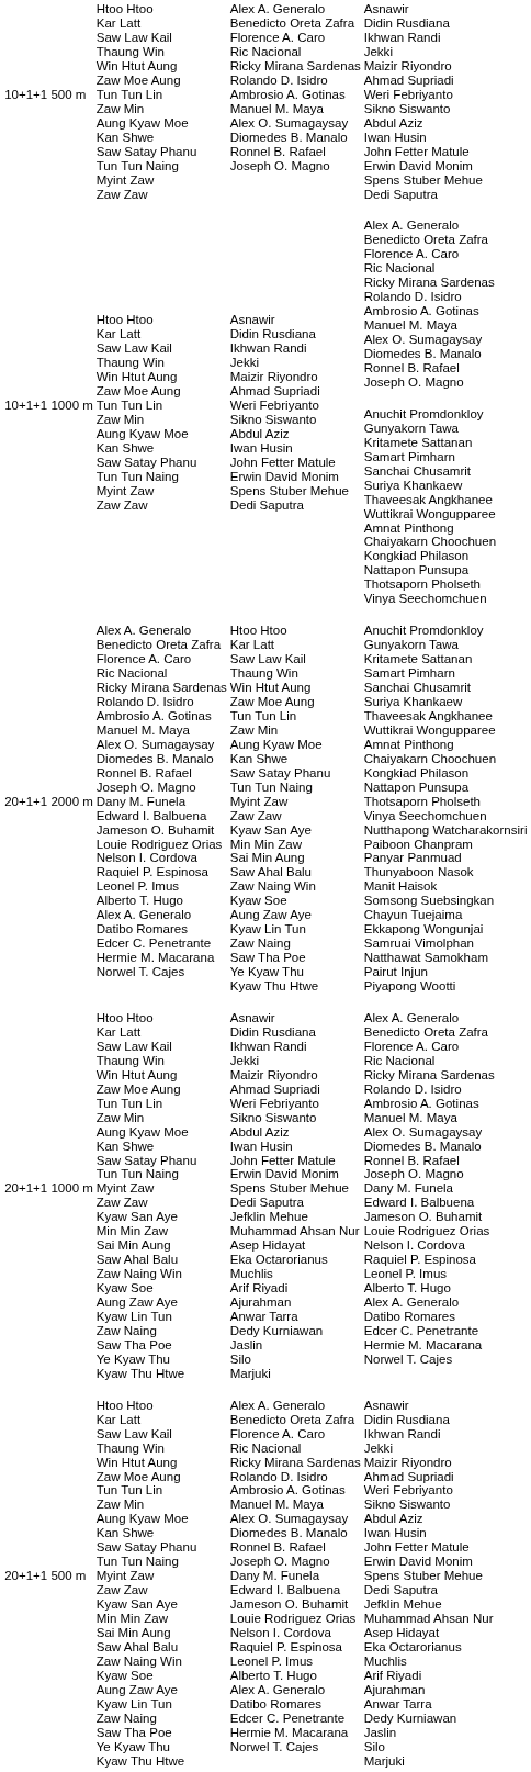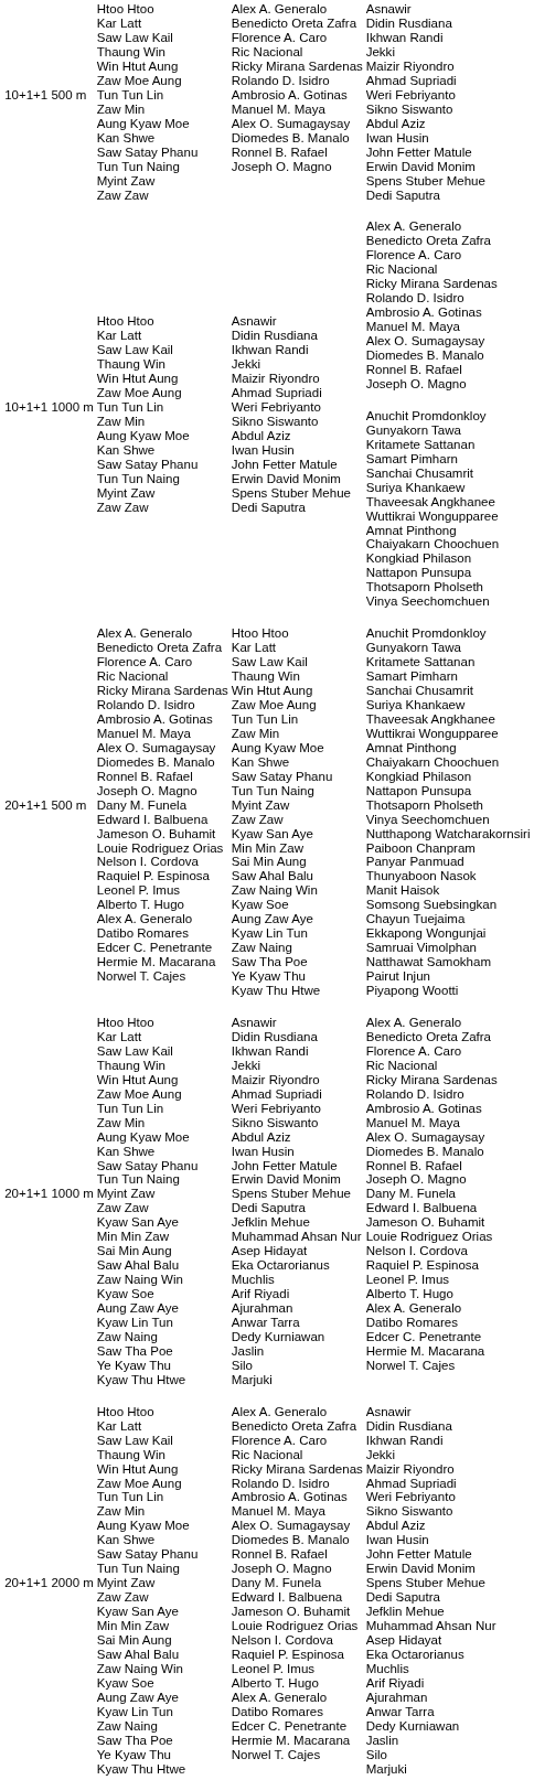 <table>
 <tr>
 <td>10+1+1 500 m</td>
 <td><br>Htoo Htoo<br>Kar Latt<br>Saw Law Kail<br>Thaung Win<br>Win Htut Aung<br>Zaw Moe Aung<br>Tun Tun Lin<br>Zaw Min<br>Aung Kyaw Moe<br>Kan Shwe<br>Saw Satay Phanu<br>Tun Tun Naing<br>Myint Zaw<br>Zaw Zaw</td>
 <td valign="top"><br>Alex A. Generalo<br>Benedicto Oreta Zafra<br>Florence A. Caro<br>Ric Nacional<br>Ricky Mirana Sardenas<br>Rolando D. Isidro<br>Ambrosio A. Gotinas<br>Manuel M. Maya<br>Alex O. Sumagaysay<br>Diomedes B. Manalo<br>Ronnel B. Rafael<br>Joseph O. Magno</td>
 <td><br>Asnawir<br>Didin Rusdiana<br>Ikhwan Randi<br>Jekki<br>Maizir Riyondro<br>Ahmad Supriadi<br>Weri Febriyanto<br>Sikno Siswanto<br>Abdul Aziz<br>Iwan Husin<br>John Fetter Matule<br>Erwin David Monim<br>Spens Stuber Mehue<br>Dedi Saputra</td>
 </tr>
 <tr>
 <td rowspan=2>10+1+1 1000 m</td>
 <td rowspan=2><br>Htoo Htoo<br>Kar Latt<br>Saw Law Kail<br>Thaung Win<br>Win Htut Aung<br>Zaw Moe Aung<br>Tun Tun Lin<br>Zaw Min<br>Aung Kyaw Moe<br>Kan Shwe<br>Saw Satay Phanu<br>Tun Tun Naing<br>Myint Zaw<br>Zaw Zaw</td>
 <td rowspan=2><br>Asnawir<br>Didin Rusdiana<br>Ikhwan Randi<br>Jekki<br>Maizir Riyondro<br>Ahmad Supriadi<br>Weri Febriyanto<br>Sikno Siswanto<br>Abdul Aziz<br>Iwan Husin<br>John Fetter Matule<br>Erwin David Monim<br>Spens Stuber Mehue<br>Dedi Saputra</td>
 <td><br>Alex A. Generalo<br>Benedicto Oreta Zafra<br>Florence A. Caro<br>Ric Nacional<br>Ricky Mirana Sardenas<br>Rolando D. Isidro<br>Ambrosio A. Gotinas<br>Manuel M. Maya<br>Alex O. Sumagaysay<br>Diomedes B. Manalo<br>Ronnel B. Rafael<br>Joseph O. Magno</td>
 </tr>
 <tr>
 <td><br>Anuchit Promdonkloy<br>Gunyakorn Tawa<br>Kritamete Sattanan<br>Samart Pimharn<br>Sanchai Chusamrit<br>Suriya Khankaew<br>Thaveesak Angkhanee<br>Wuttikrai Wongupparee<br>Amnat Pinthong<br>Chaiyakarn Choochuen<br>Kongkiad Philason<br>Nattapon Punsupa<br>Thotsaporn Pholseth<br>Vinya Seechomchuen</td>
 </tr>
 <tr>
-<td>20+1+1 2000 m</td>
+<td>20+1+1 500 m</td>
 <td valign="top"><br>Alex A. Generalo<br>Benedicto Oreta Zafra<br>Florence A. Caro<br>Ric Nacional<br>Ricky Mirana Sardenas<br>Rolando D. Isidro<br>Ambrosio A. Gotinas<br>Manuel M. Maya<br>Alex O. Sumagaysay<br>Diomedes B. Manalo<br>Ronnel B. Rafael<br>Joseph O. Magno<br>Dany M. Funela<br>Edward I. Balbuena<br>Jameson O. Buhamit<br>Louie Rodriguez Orias<br>Nelson I. Cordova<br>Raquiel P. Espinosa<br>Leonel P. Imus<br>Alberto T. Hugo<br>Alex A. Generalo<br>Datibo Romares<br>Edcer C. Penetrante<br>Hermie M. Macarana<br>Norwel T. Cajes</td>
 <td><br>Htoo Htoo<br>Kar Latt<br>Saw Law Kail<br>Thaung Win<br>Win Htut Aung<br>Zaw Moe Aung<br>Tun Tun Lin<br>Zaw Min<br>Aung Kyaw Moe<br>Kan Shwe<br>Saw Satay Phanu<br>Tun Tun Naing<br>Myint Zaw<br>Zaw Zaw<br>Kyaw San Aye<br>Min Min Zaw<br>Sai Min Aung<br>Saw Ahal Balu<br>Zaw Naing Win<br>Kyaw Soe<br>Aung Zaw Aye<br>Kyaw Lin Tun<br>Zaw Naing<br>Saw Tha Poe<br>Ye Kyaw Thu<br>Kyaw Thu Htwe</td>
 <td><br>Anuchit Promdonkloy<br>Gunyakorn Tawa<br>Kritamete Sattanan<br>Samart Pimharn<br>Sanchai Chusamrit<br>Suriya Khankaew<br>Thaveesak Angkhanee<br>Wuttikrai Wongupparee<br>Amnat Pinthong<br>Chaiyakarn Choochuen<br>Kongkiad Philason<br>Nattapon Punsupa<br>Thotsaporn Pholseth<br>Vinya Seechomchuen<br>Nutthapong Watcharakornsiri<br>Paiboon Chanpram<br>Panyar Panmuad<br>Thunyaboon Nasok<br>Manit Haisok<br>Somsong Suebsingkan<br>Chayun Tuejaima<br>Ekkapong Wongunjai<br>Samruai Vimolphan<br>Natthawat Samokham<br>Pairut Injun<br>Piyapong Wootti</td>
 </tr>
 <tr>
 <td>20+1+1 1000 m</td>
 <td><br>Htoo Htoo<br>Kar Latt<br>Saw Law Kail<br>Thaung Win<br>Win Htut Aung<br>Zaw Moe Aung<br>Tun Tun Lin<br>Zaw Min<br>Aung Kyaw Moe<br>Kan Shwe<br>Saw Satay Phanu<br>Tun Tun Naing<br>Myint Zaw<br>Zaw Zaw<br>Kyaw San Aye<br>Min Min Zaw<br>Sai Min Aung<br>Saw Ahal Balu<br>Zaw Naing Win<br>Kyaw Soe<br>Aung Zaw Aye<br>Kyaw Lin Tun<br>Zaw Naing<br>Saw Tha Poe<br>Ye Kyaw Thu<br>Kyaw Thu Htwe</td>
 <td><br>Asnawir<br>Didin Rusdiana<br>Ikhwan Randi<br>Jekki<br>Maizir Riyondro<br>Ahmad Supriadi<br>Weri Febriyanto<br>Sikno Siswanto<br>Abdul Aziz<br>Iwan Husin<br>John Fetter Matule<br>Erwin David Monim<br>Spens Stuber Mehue<br>Dedi Saputra<br>Jefklin Mehue<br>Muhammad Ahsan Nur<br>Asep Hidayat<br>Eka Octarorianus<br>Muchlis<br>Arif Riyadi<br>Ajurahman<br>Anwar Tarra<br>Dedy Kurniawan<br>Jaslin<br>Silo<br>Marjuki</td>
 <td valign="top"><br>Alex A. Generalo<br>Benedicto Oreta Zafra<br>Florence A. Caro<br>Ric Nacional<br>Ricky Mirana Sardenas<br>Rolando D. Isidro<br>Ambrosio A. Gotinas<br>Manuel M. Maya<br>Alex O. Sumagaysay<br>Diomedes B. Manalo<br>Ronnel B. Rafael<br>Joseph O. Magno<br>Dany M. Funela<br>Edward I. Balbuena<br>Jameson O. Buhamit<br>Louie Rodriguez Orias<br>Nelson I. Cordova<br>Raquiel P. Espinosa<br>Leonel P. Imus<br>Alberto T. Hugo<br>Alex A. Generalo<br>Datibo Romares<br>Edcer C. Penetrante<br>Hermie M. Macarana<br>Norwel T. Cajes</td>
 </tr>
 <tr>
-<td>20+1+1 500 m</td>
+<td>20+1+1 2000 m</td>
 <td><br>Htoo Htoo<br>Kar Latt<br>Saw Law Kail<br>Thaung Win<br>Win Htut Aung<br>Zaw Moe Aung<br>Tun Tun Lin<br>Zaw Min<br>Aung Kyaw Moe<br>Kan Shwe<br>Saw Satay Phanu<br>Tun Tun Naing<br>Myint Zaw<br>Zaw Zaw<br>Kyaw San Aye<br>Min Min Zaw<br>Sai Min Aung<br>Saw Ahal Balu<br>Zaw Naing Win<br>Kyaw Soe<br>Aung Zaw Aye<br>Kyaw Lin Tun<br>Zaw Naing<br>Saw Tha Poe<br>Ye Kyaw Thu<br>Kyaw Thu Htwe</td>
 <td valign="top"><br>Alex A. Generalo<br>Benedicto Oreta Zafra<br>Florence A. Caro<br>Ric Nacional<br>Ricky Mirana Sardenas<br>Rolando D. Isidro<br>Ambrosio A. Gotinas<br>Manuel M. Maya<br>Alex O. Sumagaysay<br>Diomedes B. Manalo<br>Ronnel B. Rafael<br>Joseph O. Magno<br>Dany M. Funela<br>Edward I. Balbuena<br>Jameson O. Buhamit<br>Louie Rodriguez Orias<br>Nelson I. Cordova<br>Raquiel P. Espinosa<br>Leonel P. Imus<br>Alberto T. Hugo<br>Alex A. Generalo<br>Datibo Romares<br>Edcer C. Penetrante<br>Hermie M. Macarana<br>Norwel T. Cajes</td>
 <td><br>Asnawir<br>Didin Rusdiana<br>Ikhwan Randi<br>Jekki<br>Maizir Riyondro<br>Ahmad Supriadi<br>Weri Febriyanto<br>Sikno Siswanto<br>Abdul Aziz<br>Iwan Husin<br>John Fetter Matule<br>Erwin David Monim<br>Spens Stuber Mehue<br>Dedi Saputra<br>Jefklin Mehue<br>Muhammad Ahsan Nur<br>Asep Hidayat<br>Eka Octarorianus<br>Muchlis<br>Arif Riyadi<br>Ajurahman<br>Anwar Tarra<br>Dedy Kurniawan<br>Jaslin<br>Silo<br>Marjuki</td>
 </tr>
 </table>
